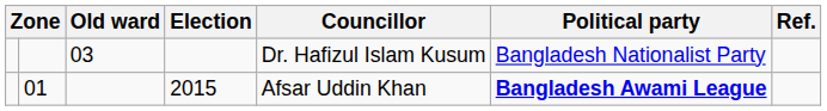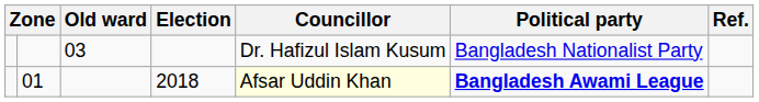 <table class="wikitable">
 <tr>
 <th colspan="2">Zone</th>
 <th>Old ward</th>
 <th>Election</th>
 <th>Councillor</th>
 <th>Political party</th>
 <th>Ref.</th>
 </tr>
 <tr>
 <td style="background-color: "></td>
 <td></td>
 <td>03</td>
 <td></td>
 <td>Dr. Hafizul Islam Kusum</td>
 <td><a href='#'>Bangladesh Nationalist Party</a></td>
 <td></td>
 </tr>
 <tr>
 <td style="background-color: "></td>
 <td>01</td>
 <td></td>
-<td>2015</td>
-<td>Afsar Uddin Khan</td>
+<td>2018</td>
+<td style="background: lightyellow;">Afsar Uddin Khan</td>
 <td><strong><a href='#'>Bangladesh Awami League</a></strong></td>
 <td></td>
 </tr>
 </table>
